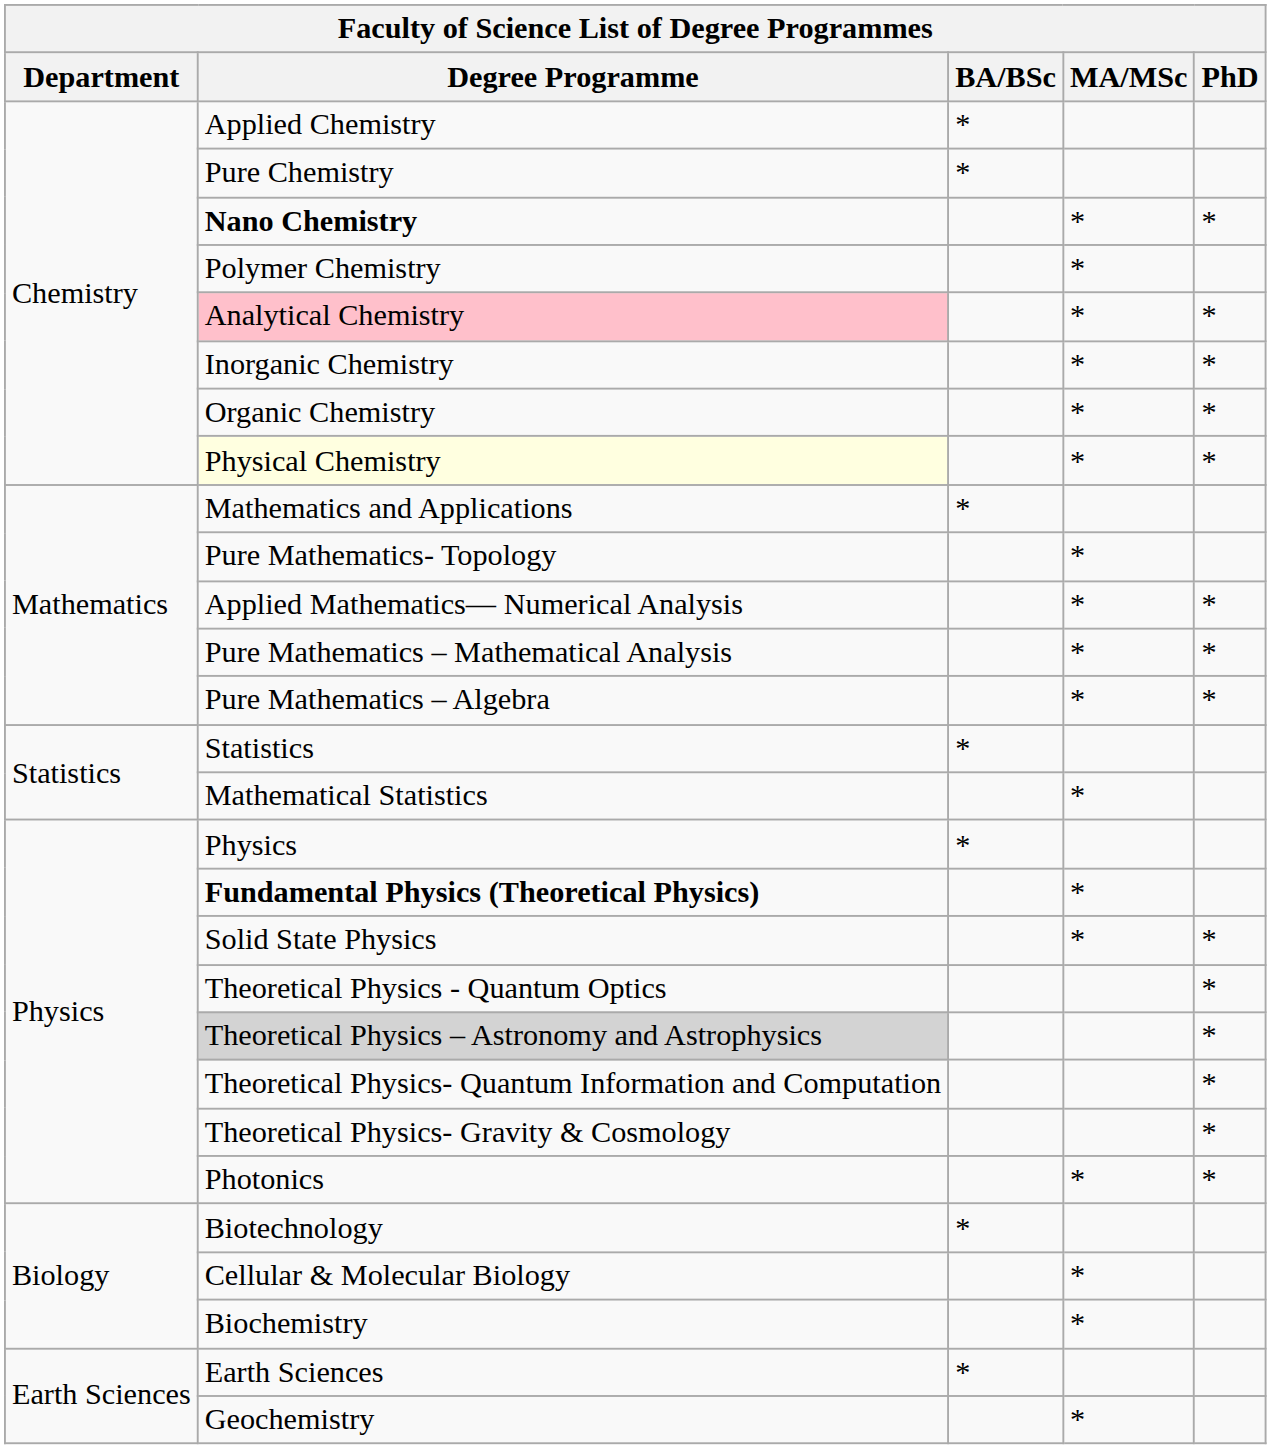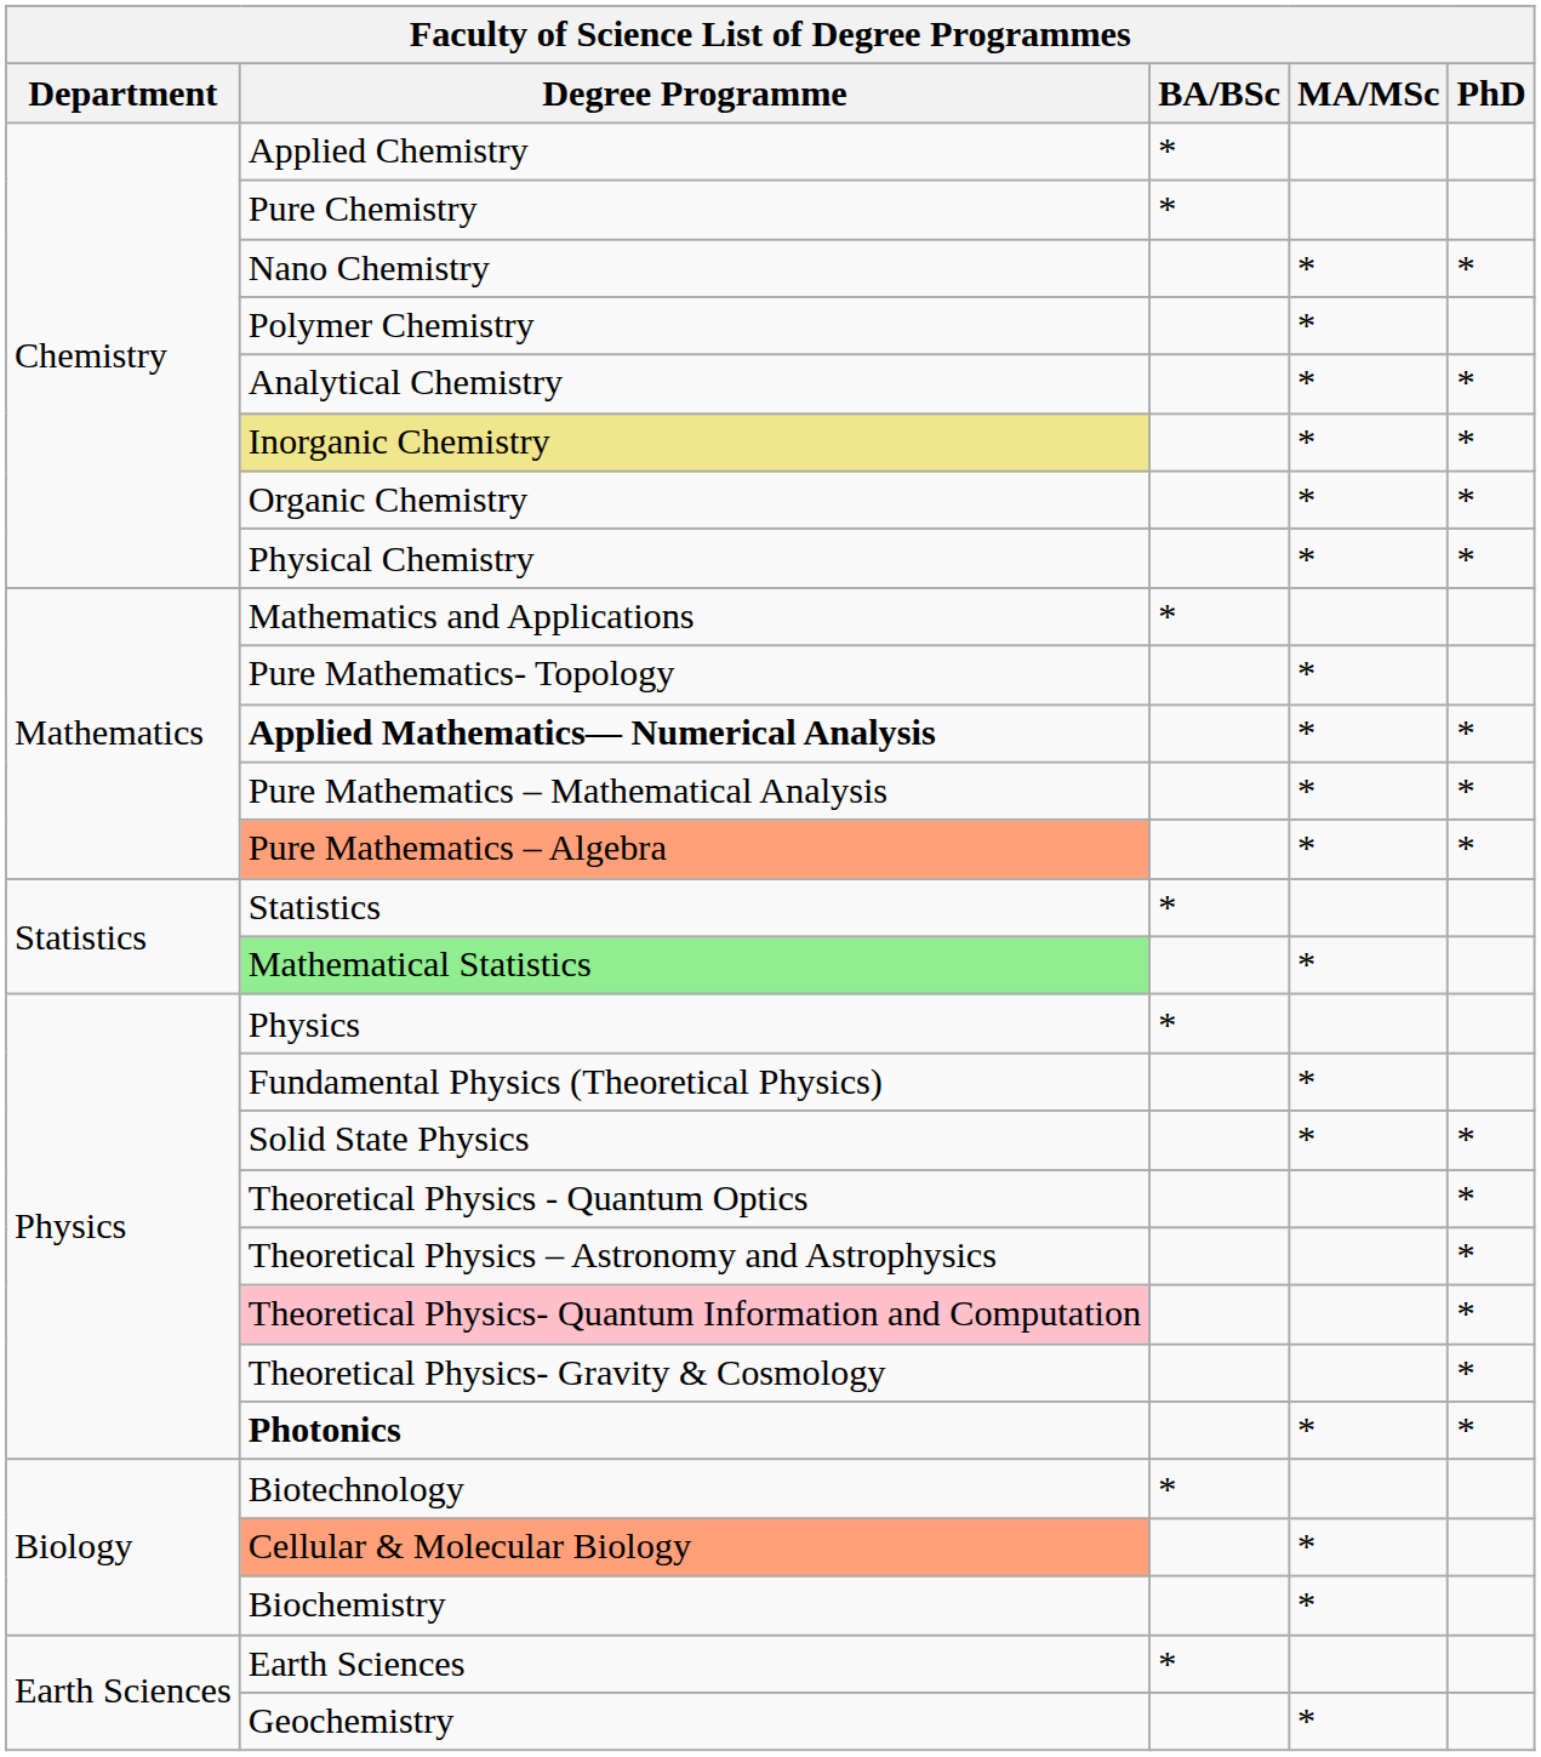 <table class="wikitable">
 <tr>
 <th colspan="5">Faculty of Science List of Degree Programmes</th>
 </tr>
 <tr>
 <th>Department</th>
 <th>Degree Programme</th>
 <th>BA/BSc</th>
 <th>MA/MSc</th>
 <th>PhD</th>
 </tr>
 <tr>
 <td rowspan="8">Chemistry</td>
 <td>Applied Chemistry</td>
 <td>*</td>
 <td></td>
 <td></td>
 </tr>
 <tr>
 <td>Pure Chemistry</td>
 <td>*</td>
 <td></td>
 <td></td>
 </tr>
 <tr>
-<td><strong>Nano Chemistry</strong></td>
+<td>Nano Chemistry</td>
 <td></td>
 <td>*</td>
 <td>*</td>
 </tr>
 <tr>
 <td>Polymer Chemistry</td>
 <td></td>
 <td>*</td>
 <td></td>
 </tr>
 <tr>
-<td style="background: pink;">Analytical Chemistry</td>
+<td>Analytical Chemistry</td>
 <td></td>
 <td>*</td>
 <td>*</td>
 </tr>
 <tr>
-<td>Inorganic Chemistry</td>
+<td style="background: khaki;">Inorganic Chemistry</td>
 <td></td>
 <td>*</td>
 <td>*</td>
 </tr>
 <tr>
 <td>Organic Chemistry</td>
 <td></td>
 <td>*</td>
 <td>*</td>
 </tr>
 <tr>
-<td style="background: lightyellow;">Physical Chemistry</td>
+<td>Physical Chemistry</td>
 <td></td>
 <td>*</td>
 <td>*</td>
 </tr>
 <tr>
 <td rowspan="5">Mathematics</td>
 <td>Mathematics and Applications</td>
 <td>*</td>
 <td></td>
 <td></td>
 </tr>
 <tr>
 <td>Pure Mathematics- Topology</td>
 <td></td>
 <td>*</td>
 <td></td>
 </tr>
 <tr>
-<td>Applied Mathematics— Numerical Analysis</td>
+<td><strong>Applied Mathematics— Numerical Analysis</strong></td>
 <td></td>
 <td>*</td>
 <td>*</td>
 </tr>
 <tr>
 <td>Pure Mathematics – Mathematical Analysis</td>
 <td></td>
 <td>*</td>
 <td>*</td>
 </tr>
 <tr>
-<td>Pure Mathematics – Algebra</td>
+<td style="background: lightsalmon;">Pure Mathematics – Algebra</td>
 <td></td>
 <td>*</td>
 <td>*</td>
 </tr>
 <tr>
 <td rowspan="2">Statistics</td>
 <td>Statistics</td>
 <td>*</td>
 <td></td>
 <td></td>
 </tr>
 <tr>
-<td>Mathematical Statistics</td>
+<td style="background: lightgreen;">Mathematical Statistics</td>
 <td></td>
 <td>*</td>
 <td></td>
 </tr>
 <tr>
 <td rowspan="8">Physics</td>
 <td>Physics</td>
 <td>*</td>
 <td></td>
 <td></td>
 </tr>
 <tr>
-<td><strong>Fundamental Physics (Theoretical Physics)</strong></td>
+<td>Fundamental Physics (Theoretical Physics)</td>
 <td></td>
 <td>*</td>
 <td></td>
 </tr>
 <tr>
 <td>Solid State Physics</td>
 <td></td>
 <td>*</td>
 <td>*</td>
 </tr>
 <tr>
 <td>Theoretical Physics - Quantum Optics</td>
 <td></td>
 <td></td>
 <td>*</td>
 </tr>
 <tr>
-<td style="background: lightgrey;">Theoretical Physics – Astronomy and Astrophysics</td>
+<td>Theoretical Physics – Astronomy and Astrophysics</td>
 <td></td>
 <td></td>
 <td>*</td>
 </tr>
 <tr>
-<td>Theoretical Physics- Quantum Information and Computation</td>
+<td style="background: pink;">Theoretical Physics- Quantum Information and Computation</td>
 <td></td>
 <td></td>
 <td>*</td>
 </tr>
 <tr>
 <td>Theoretical Physics- Gravity & Cosmology</td>
 <td></td>
 <td></td>
 <td>*</td>
 </tr>
 <tr>
-<td>Photonics</td>
+<td><strong>Photonics</strong></td>
 <td></td>
 <td>*</td>
 <td>*</td>
 </tr>
 <tr>
 <td rowspan="3">Biology</td>
 <td>Biotechnology</td>
 <td>*</td>
 <td></td>
 <td></td>
 </tr>
 <tr>
-<td>Cellular & Molecular Biology</td>
+<td style="background: lightsalmon;">Cellular & Molecular Biology</td>
 <td></td>
 <td>*</td>
 <td></td>
 </tr>
 <tr>
 <td>Biochemistry</td>
 <td></td>
 <td>*</td>
 <td></td>
 </tr>
 <tr>
 <td rowspan="2">Earth Sciences</td>
 <td>Earth Sciences</td>
 <td>*</td>
 <td></td>
 <td></td>
 </tr>
 <tr>
 <td>Geochemistry</td>
 <td></td>
 <td>*</td>
 <td></td>
 </tr>
 </table>
